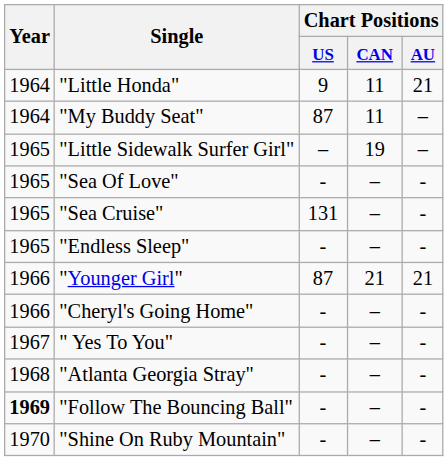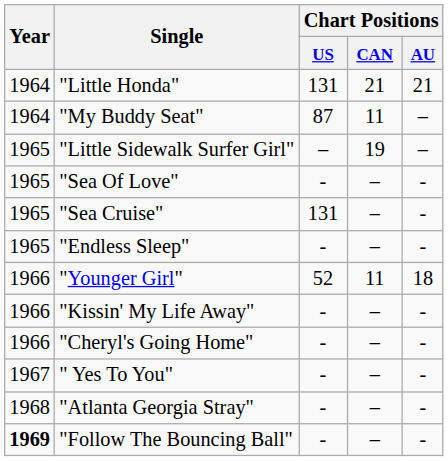 <table class="wikitable">
 <tr>
 <th rowspan="2">Year</th>
 <th rowspan="2">Single</th>
 <th colspan="3">Chart Positions</th>
 </tr>
 <tr>
 <th><small><a href='#'>US</a></small></th>
 <th><small><a href='#'>CAN</a></small></th>
 <th><small><a href='#'>AU</a></small></th>
 </tr>
 <tr>
 <td>1964</td>
 <td>"Little Honda"</td>
-<td style="text-align:center;">9</td>
-<td style="text-align:center;">11</td>
+<td style="text-align:center;">131</td>
+<td style="text-align:center;">21</td>
 <td style="text-align:center;">21</td>
 </tr>
 <tr>
 <td>1964</td>
 <td>"My Buddy Seat"</td>
 <td style="text-align:center;">87</td>
 <td style="text-align:center;">11</td>
 <td style="text-align:center;">–</td>
 </tr>
 <tr>
 <td>1965</td>
 <td>"Little Sidewalk Surfer Girl"</td>
 <td style="text-align:center;">–</td>
 <td style="text-align:center;">19</td>
 <td style="text-align:center;">–</td>
 </tr>
 <tr>
 <td>1965</td>
 <td>"Sea Of Love"</td>
 <td style="text-align:center;">-</td>
 <td style="text-align:center;">–</td>
 <td style="text-align:center;">-</td>
 </tr>
 <tr>
 <td>1965</td>
 <td>"Sea Cruise"</td>
 <td style="text-align:center;">131</td>
 <td style="text-align:center;">–</td>
 <td style="text-align:center;">-</td>
 </tr>
 <tr>
 <td>1965</td>
 <td>"Endless Sleep"</td>
 <td align="center">-</td>
 <td style="text-align:center;">–</td>
 <td align="center">-</td>
 </tr>
 <tr>
 <td>1966</td>
 <td>"<a href='#'>Younger Girl</a>"</td>
-<td style="text-align:center;">87</td>
-<td style="text-align:center;">21</td>
-<td style="text-align:center;">21</td>
+<td style="text-align:center;">52</td>
+<td style="text-align:center;">11</td>
+<td style="text-align:center;">18</td>
+</tr>
+<tr>
+<td>1966</td>
+<td>"Kissin' My Life Away"</td>
+<td style="text-align:center;">-</td>
+<td style="text-align:center;">–</td>
+<td style="text-align:center;">-</td>
 </tr>
 <tr>
 <td>1966</td>
 <td>"Cheryl's Going Home"</td>
 <td style="text-align:center;">-</td>
 <td style="text-align:center;">–</td>
 <td style="text-align:center;">-</td>
 </tr>
 <tr>
 <td>1967</td>
 <td>" Yes To You"</td>
 <td style="text-align:center;">-</td>
 <td style="text-align:center;">–</td>
 <td style="text-align:center;">-</td>
 </tr>
 <tr>
 <td>1968</td>
 <td>"Atlanta Georgia Stray"</td>
 <td style="text-align:center;">-</td>
 <td style="text-align:center;">–</td>
 <td style="text-align:center;">-</td>
 </tr>
 <tr>
 <td><strong>1969</strong></td>
 <td>"Follow The Bouncing Ball"</td>
 <td style="text-align:center;">-</td>
 <td style="text-align:center;">–</td>
 <td style="text-align:center;">-</td>
 </tr>
-<tr>
-<td>1970</td>
-<td>"Shine On Ruby Mountain"</td>
-<td style="text-align:center;">-</td>
-<td style="text-align:center;">–</td>
-<td style="text-align:center;">-</td>
-</tr>
 </table>
